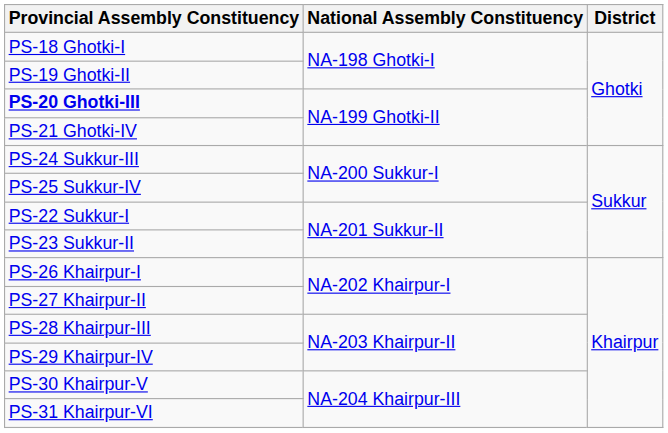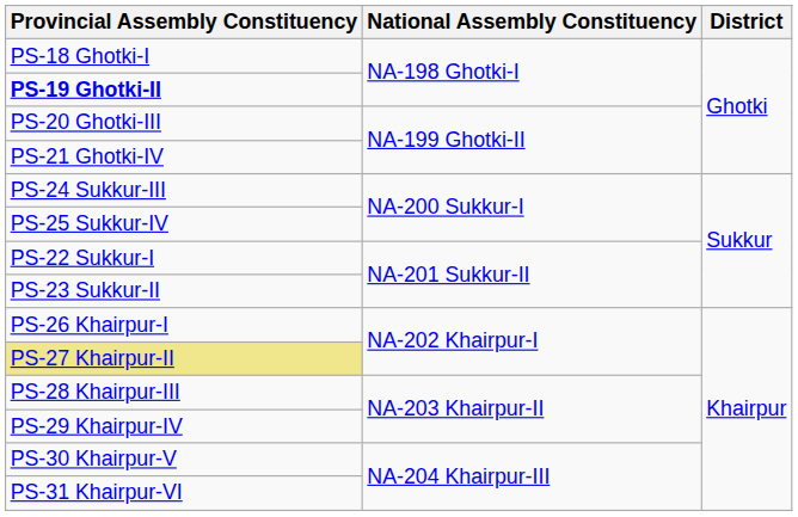 <table class="wikitable sortable static-row-numbers static-row-header-hash">
 <tr>
 <th>Provincial Assembly Constituency</th>
 <th>National Assembly Constituency</th>
 <th>District</th>
 </tr>
 <tr>
 <td><a href='#'>PS-18 Ghotki-I</a></td>
 <td rowspan="2"><a href='#'>NA-198 Ghotki-I</a></td>
 <td rowspan="4"><a href='#'>Ghotki</a></td>
 </tr>
 <tr>
-<td><a href='#'>PS-19 Ghotki-II</a></td>
+<td><strong><a href='#'>PS-19 Ghotki-II</a></strong></td>
 </tr>
 <tr>
-<td><strong><a href='#'>PS-20 Ghotki-III</a></strong></td>
+<td><a href='#'>PS-20 Ghotki-III</a></td>
 <td rowspan="2"><a href='#'>NA-199 Ghotki-II</a></td>
 </tr>
 <tr>
 <td><a href='#'>PS-21 Ghotki-IV</a></td>
 </tr>
 <tr>
 <td><a href='#'>PS-24 Sukkur-III</a></td>
 <td rowspan="2"><a href='#'>NA-200 Sukkur-I</a></td>
 <td rowspan="4"><a href='#'>Sukkur</a></td>
 </tr>
 <tr>
 <td><a href='#'>PS-25 Sukkur-IV</a></td>
 </tr>
 <tr>
 <td><a href='#'>PS-22 Sukkur-I</a></td>
 <td rowspan="2"><a href='#'>NA-201 Sukkur-II</a></td>
 </tr>
 <tr>
 <td><a href='#'>PS-23 Sukkur-II</a></td>
 </tr>
 <tr>
 <td><a href='#'>PS-26 Khairpur-I</a></td>
 <td rowspan="2"><a href='#'>NA-202 Khairpur-I</a></td>
 <td rowspan="6"><a href='#'>Khairpur</a></td>
 </tr>
 <tr>
-<td><a href='#'>PS-27 Khairpur-II</a></td>
+<td style="background: khaki;"><a href='#'>PS-27 Khairpur-II</a></td>
 </tr>
 <tr>
 <td><a href='#'>PS-28 Khairpur-III</a></td>
 <td rowspan="2"><a href='#'>NA-203 Khairpur-II</a></td>
 </tr>
 <tr>
 <td><a href='#'>PS-29 Khairpur-IV</a></td>
 </tr>
 <tr>
 <td><a href='#'>PS-30 Khairpur-V</a></td>
 <td rowspan="2"><a href='#'>NA-204 Khairpur-III</a></td>
 </tr>
 <tr>
 <td><a href='#'>PS-31 Khairpur-VI</a></td>
 </tr>
 </table>
